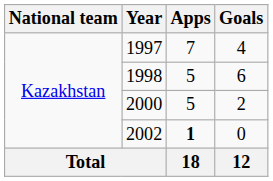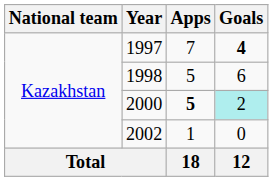 <table class="wikitable" style="text-align:center">
 <tr>
 <th>National team</th>
 <th>Year</th>
 <th>Apps</th>
 <th>Goals</th>
 </tr>
 <tr>
 <td rowspan=4><a href='#'>Kazakhstan</a></td>
 <td>1997</td>
 <td>7</td>
-<td>4</td>
+<td><strong>4</strong></td>
 </tr>
 <tr>
 <td>1998</td>
 <td>5</td>
 <td>6</td>
 </tr>
 <tr>
 <td>2000</td>
-<td>5</td>
-<td>2</td>
+<td><strong>5</strong></td>
+<td style="background: paleturquoise;">2</td>
 </tr>
 <tr>
 <td>2002</td>
-<td><strong>1</strong></td>
+<td>1</td>
 <td>0</td>
 </tr>
 <tr>
 <th colspan="2">Total</th>
 <th>18</th>
 <th>12</th>
 </tr>
 </table>
